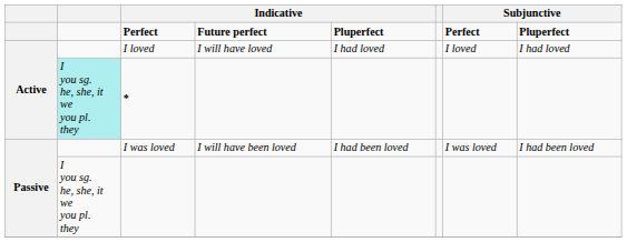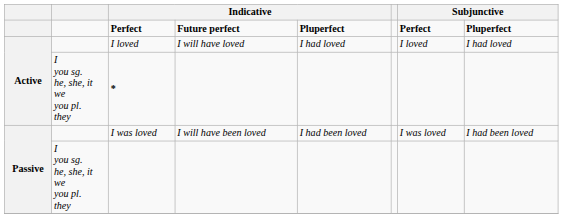 <table class="wikitable" style="width: 55em;">
 <tr>
 <th></th>
 <th></th>
 <th colspan="3">Indicative</th>
 <th></th>
 <th colspan="2">Subjunctive</th>
 </tr>
 <tr>
 <th></th>
 <td></td>
 <td><strong>Perfect</strong></td>
 <td><strong>Future perfect</strong></td>
 <td><strong>Pluperfect</strong></td>
 <td></td>
 <td><strong>Perfect</strong></td>
 <td><strong>Pluperfect</strong></td>
 </tr>
 <tr>
 <th rowspan=2>Active</th>
 <td></td>
 <td><em>I loved</em></td>
 <td><em>I will have loved</em></td>
 <td><em>I had loved</em></td>
 <td></td>
 <td><em>I loved</em></td>
 <td><em>I had loved</em></td>
 </tr>
 <tr>
-<td style="background: paleturquoise;"><em>I<br>you sg.<br>he, she, it<br>we<br>you pl.<br>they</em></td>
+<td><em>I<br>you sg.<br>he, she, it<br>we<br>you pl.<br>they</em></td>
 <td><strong>*</strong></td>
 <td><strong></strong></td>
 <td><strong></strong></td>
 <td></td>
 <td><strong></strong></td>
 <td><strong></strong></td>
 </tr>
 <tr>
 <th rowspan=2>Passive</th>
 <td></td>
 <td><em>I was loved</em></td>
 <td><em>I will have been loved</em></td>
 <td><em>I had been loved</em></td>
 <td></td>
 <td><em>I was loved</em></td>
 <td><em>I had been loved</em></td>
 </tr>
 <tr>
 <td><em>I<br>you sg.<br>he, she, it<br>we<br>you pl.<br>they</em></td>
 <td><strong></strong></td>
 <td><strong></strong></td>
 <td><strong></strong></td>
 <td></td>
 <td><strong></strong></td>
 <td><strong></strong></td>
 </tr>
 <tr>
 </tr>
 </table>
